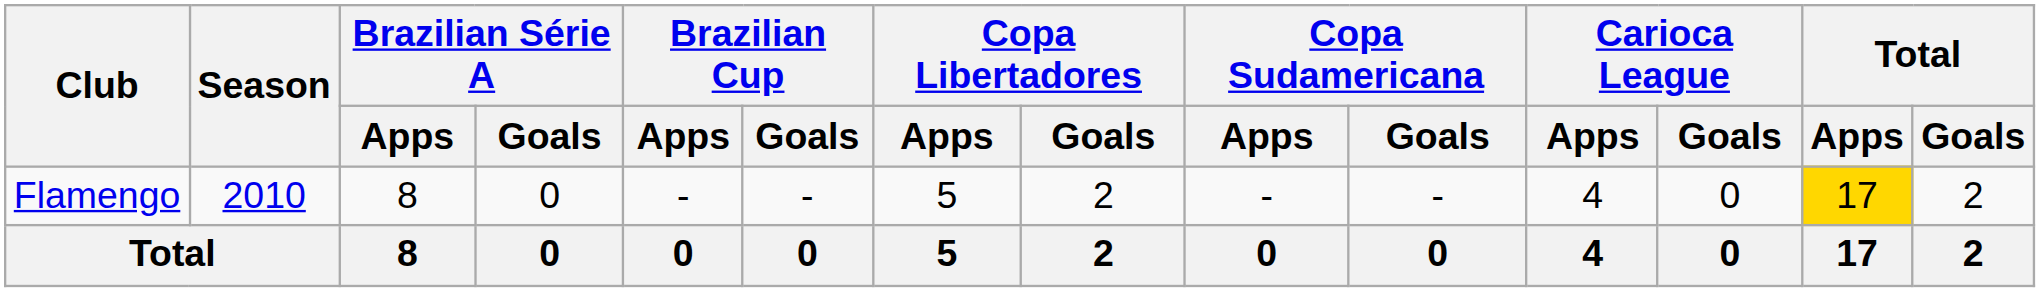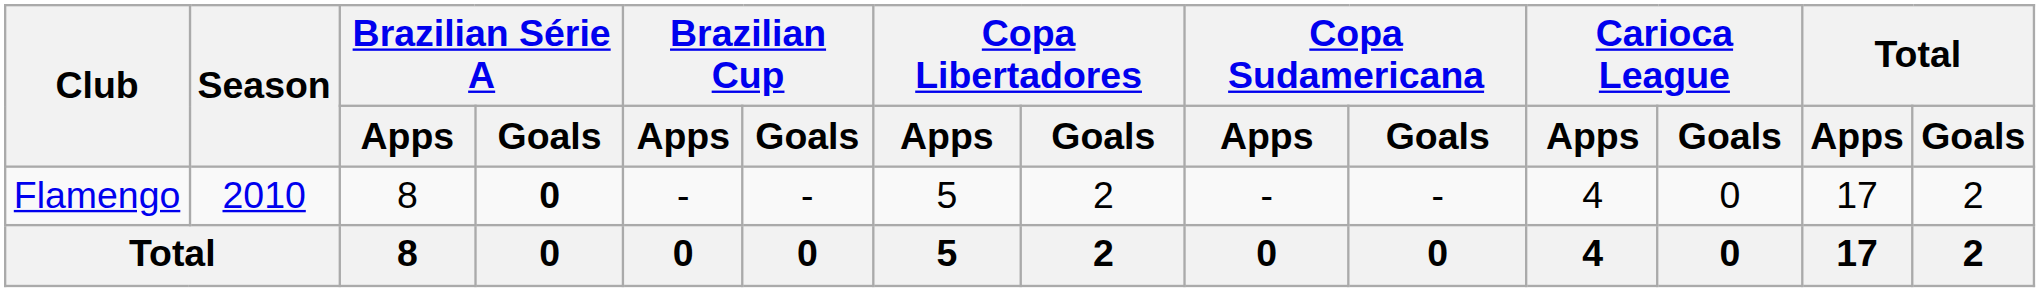 <table class="wikitable" style="text-align: center;">
 <tr>
 <th rowspan="2">Club</th>
 <th rowspan="2">Season</th>
 <th colspan="2"><a href='#'>Brazilian Série A</a></th>
 <th colspan="2"><a href='#'>Brazilian Cup</a></th>
 <th colspan="2"><a href='#'>Copa Libertadores</a></th>
 <th colspan="2"><a href='#'>Copa Sudamericana</a></th>
 <th colspan="2"><a href='#'>Carioca League</a></th>
 <th colspan="2">Total</th>
 </tr>
 <tr>
 <th>Apps</th>
 <th>Goals</th>
 <th>Apps</th>
 <th>Goals</th>
 <th>Apps</th>
 <th>Goals</th>
 <th>Apps</th>
 <th>Goals</th>
 <th>Apps</th>
 <th>Goals</th>
 <th>Apps</th>
 <th>Goals</th>
 </tr>
 <tr>
 <td rowspan="1" valign="center"><a href='#'>Flamengo</a></td>
 <td><a href='#'>2010</a></td>
 <td>8</td>
-<td>0</td>
+<td><strong>0</strong></td>
 <td>-</td>
 <td>-</td>
 <td>5</td>
 <td>2</td>
 <td>-</td>
 <td>-</td>
 <td>4</td>
 <td>0</td>
-<td style="background: gold;">17</td>
+<td>17</td>
 <td>2</td>
 </tr>
 <tr>
 <th colspan="2"><strong>Total</strong></th>
 <th>8</th>
 <th>0</th>
 <th>0</th>
 <th>0</th>
 <th>5</th>
 <th>2</th>
 <th>0</th>
 <th>0</th>
 <th>4</th>
 <th>0</th>
 <th>17</th>
 <th>2</th>
 </tr>
 </table>
